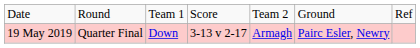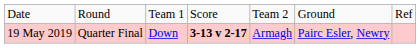 <table class="wikitable">
 <tr>
 <td>Date</td>
 <td>Round</td>
 <td>Team 1</td>
 <td>Score</td>
 <td>Team 2</td>
 <td>Ground</td>
 <td>Ref</td>
 </tr>
 <tr style="background:#fdcbcb;">
 <td>19 May 2019</td>
 <td>Quarter Final</td>
 <td><a href='#'>Down</a></td>
-<td>3-13 v 2-17</td>
+<td><strong>3-13 v 2-17</strong></td>
 <td><a href='#'>Armagh</a></td>
 <td><a href='#'>Pairc Esler</a>, <a href='#'>Newry</a></td>
 <td></td>
 </tr>
 </table>
